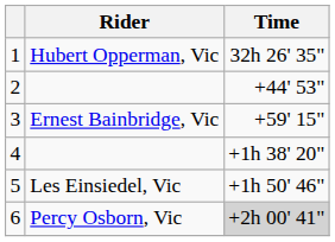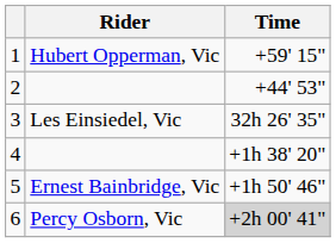 <table class="wikitable">
 <tr>
 <th></th>
 <th scope=col>Rider</th>
 <th scope=col>Time</th>
 </tr>
 <tr>
 <td>1</td>
 <td><a href='#'>Hubert Opperman</a>, Vic</td>
-<td style="text-align: right;">32h 26' 35"</td>
+<td style="text-align: right;">+59' 15"</td>
 </tr>
 <tr>
 <td>2</td>
 <td></td>
 <td style="text-align: right;">+44' 53"</td>
 </tr>
 <tr>
 <td>3</td>
-<td><a href='#'>Ernest Bainbridge</a>, Vic</td>
-<td style="text-align: right;">+59' 15"</td>
+<td>Les Einsiedel, Vic</td>
+<td style="text-align: right;">32h 26' 35"</td>
 </tr>
 <tr>
 <td>4</td>
 <td></td>
 <td style="text-align: right;">+1h 38' 20"</td>
 </tr>
 <tr>
 <td>5</td>
-<td>Les Einsiedel, Vic</td>
+<td><a href='#'>Ernest Bainbridge</a>, Vic</td>
 <td style="text-align: right;">+1h 50' 46"</td>
 </tr>
 <tr>
 <td>6</td>
 <td><a href='#'>Percy Osborn</a>, Vic</td>
 <td style="background: lightgrey; text-align: right;">+2h 00' 41"</td>
 </tr>
 <tr>
 </tr>
 </table>
